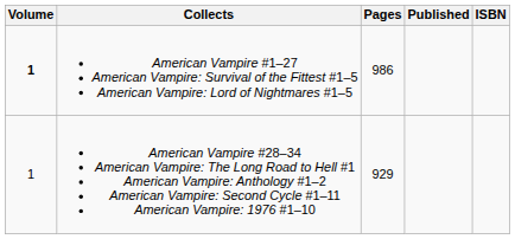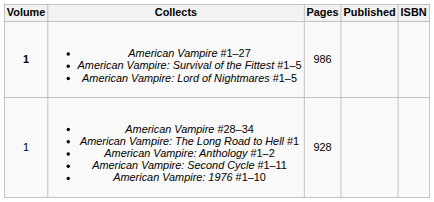 <table class="wikitable" style="text-align: center">
 <tr>
 <th>Volume</th>
 <th>Collects</th>
 <th>Pages</th>
 <th>Published</th>
 <th>ISBN</th>
 </tr>
 <tr>
 <td><strong>1</strong></td>
 <td><br><ul><li><em>American Vampire</em> #1–27</li><li><em>American Vampire: Survival of the Fittest</em> #1–5</li><li><em>American Vampire: Lord of Nightmares</em> #1–5</li></ul></td>
 <td>986</td>
 <td></td>
 <td></td>
 </tr>
 <tr>
 <td>1</td>
 <td><br><ul><li><em>American Vampire</em> #28–34</li><li><em>American Vampire: The Long Road to Hell</em> #1</li><li><em>American Vampire: Anthology</em> #1–2</li><li><em>American Vampire: Second Cycle</em> #1–11</li><li><em>American Vampire: 1976</em> #1–10</li></ul></td>
-<td>929</td>
+<td>928</td>
 <td></td>
 <td></td>
 </tr>
 </table>
